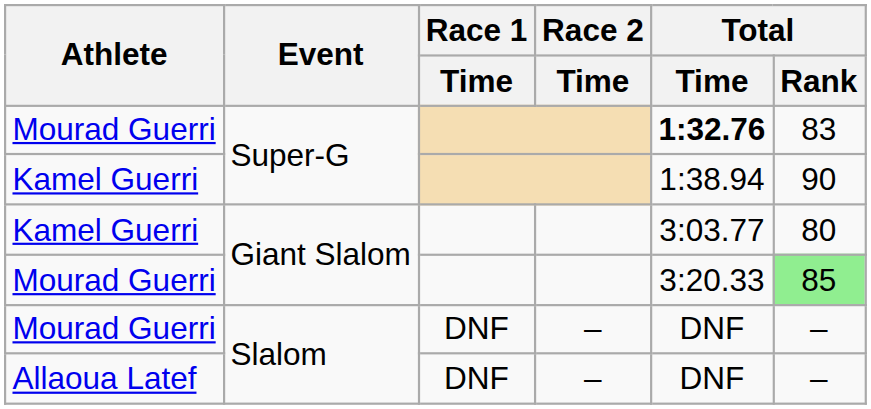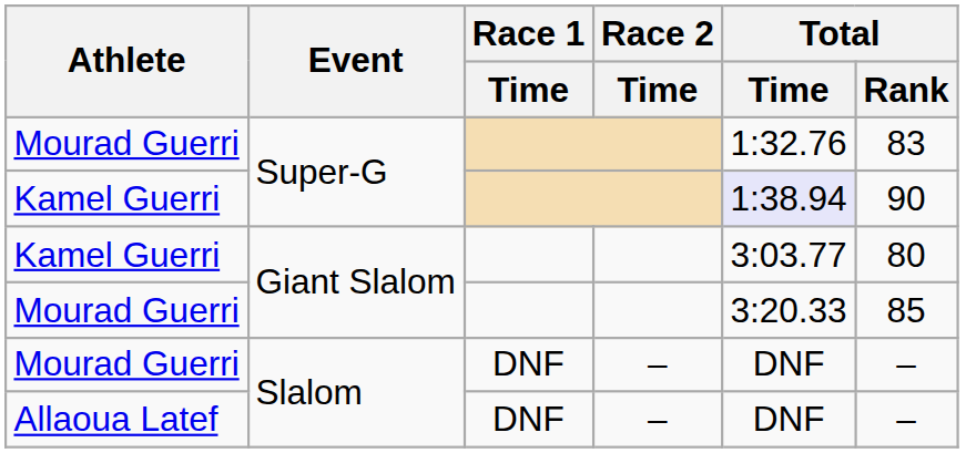 <table class="wikitable" style="font-size:90%">
 <tr>
 <th rowspan="2">Athlete</th>
 <th rowspan="2">Event</th>
 <th>Race 1</th>
 <th>Race 2</th>
 <th colspan="2">Total</th>
 </tr>
 <tr>
 <th>Time</th>
 <th>Time</th>
 <th>Time</th>
 <th>Rank</th>
 </tr>
 <tr>
 <td><a href='#'>Mourad Guerri</a></td>
 <td rowspan="2">Super-G</td>
 <td colspan="2" bgcolor="wheat"></td>
-<td align="center"><strong>1:32.76</strong></td>
+<td align="center">1:32.76</td>
 <td align="center">83</td>
 </tr>
 <tr>
 <td><a href='#'>Kamel Guerri</a></td>
 <td colspan="2" bgcolor="wheat"></td>
-<td align="center">1:38.94</td>
+<td align="center" style="background: lavender;">1:38.94</td>
 <td align="center">90</td>
 </tr>
 <tr>
 <td><a href='#'>Kamel Guerri</a></td>
 <td rowspan="2">Giant Slalom</td>
 <td align="center"></td>
 <td align="center"></td>
 <td align="center">3:03.77</td>
 <td align="center">80</td>
 </tr>
 <tr>
 <td><a href='#'>Mourad Guerri</a></td>
 <td align="center"></td>
 <td align="center"></td>
 <td align="center">3:20.33</td>
-<td align="center" style="background: lightgreen;">85</td>
+<td align="center">85</td>
 </tr>
 <tr>
 <td><a href='#'>Mourad Guerri</a></td>
 <td rowspan="2">Slalom</td>
 <td align="center">DNF</td>
 <td align="center">–</td>
 <td align="center">DNF</td>
 <td align="center">–</td>
 </tr>
 <tr>
 <td><a href='#'>Allaoua Latef</a></td>
 <td align="center">DNF</td>
 <td align="center">–</td>
 <td align="center">DNF</td>
 <td align="center">–</td>
 </tr>
 </table>
